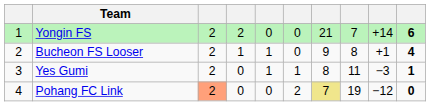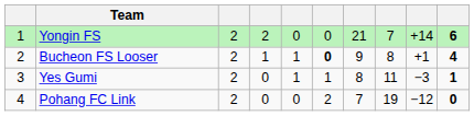 <table class="wikitable" style="text-align: center;">
 <tr>
 <th width=30></th>
 <th width=210>Team</th>
 <th width=30></th>
 <th width=30></th>
 <th width=30></th>
 <th width=30></th>
 <th width=30></th>
 <th width=30></th>
 <th width=30></th>
 <th width=30></th>
 </tr>
 <tr style="background:#BBF3BB">
 <td>1</td>
 <td style="text-align:left;"><a href='#'>Yongin FS</a></td>
 <td>2</td>
 <td>2</td>
 <td>0</td>
 <td>0</td>
 <td>21</td>
 <td>7</td>
 <td>+14</td>
 <td><strong>6</strong></td>
 </tr>
 <tr>
 <td>2</td>
 <td style="text-align:left;"><a href='#'>Bucheon FS Looser</a></td>
 <td>2</td>
 <td>1</td>
 <td>1</td>
-<td>0</td>
+<td><strong>0</strong></td>
 <td>9</td>
 <td>8</td>
 <td>+1</td>
 <td><strong>4</strong></td>
 </tr>
 <tr>
 <td>3</td>
 <td style="text-align:left;"><a href='#'>Yes Gumi</a></td>
 <td>2</td>
 <td>0</td>
 <td>1</td>
 <td>1</td>
 <td>8</td>
 <td>11</td>
 <td>−3</td>
 <td><strong>1</strong></td>
 </tr>
 <tr>
 <td>4</td>
 <td style="text-align:left;"><a href='#'>Pohang FC Link</a></td>
-<td style="background: lightsalmon;">2</td>
+<td>2</td>
 <td>0</td>
 <td>0</td>
 <td>2</td>
-<td style="background: khaki;">7</td>
+<td>7</td>
 <td>19</td>
 <td>−12</td>
 <td><strong>0</strong></td>
 </tr>
 </table>
